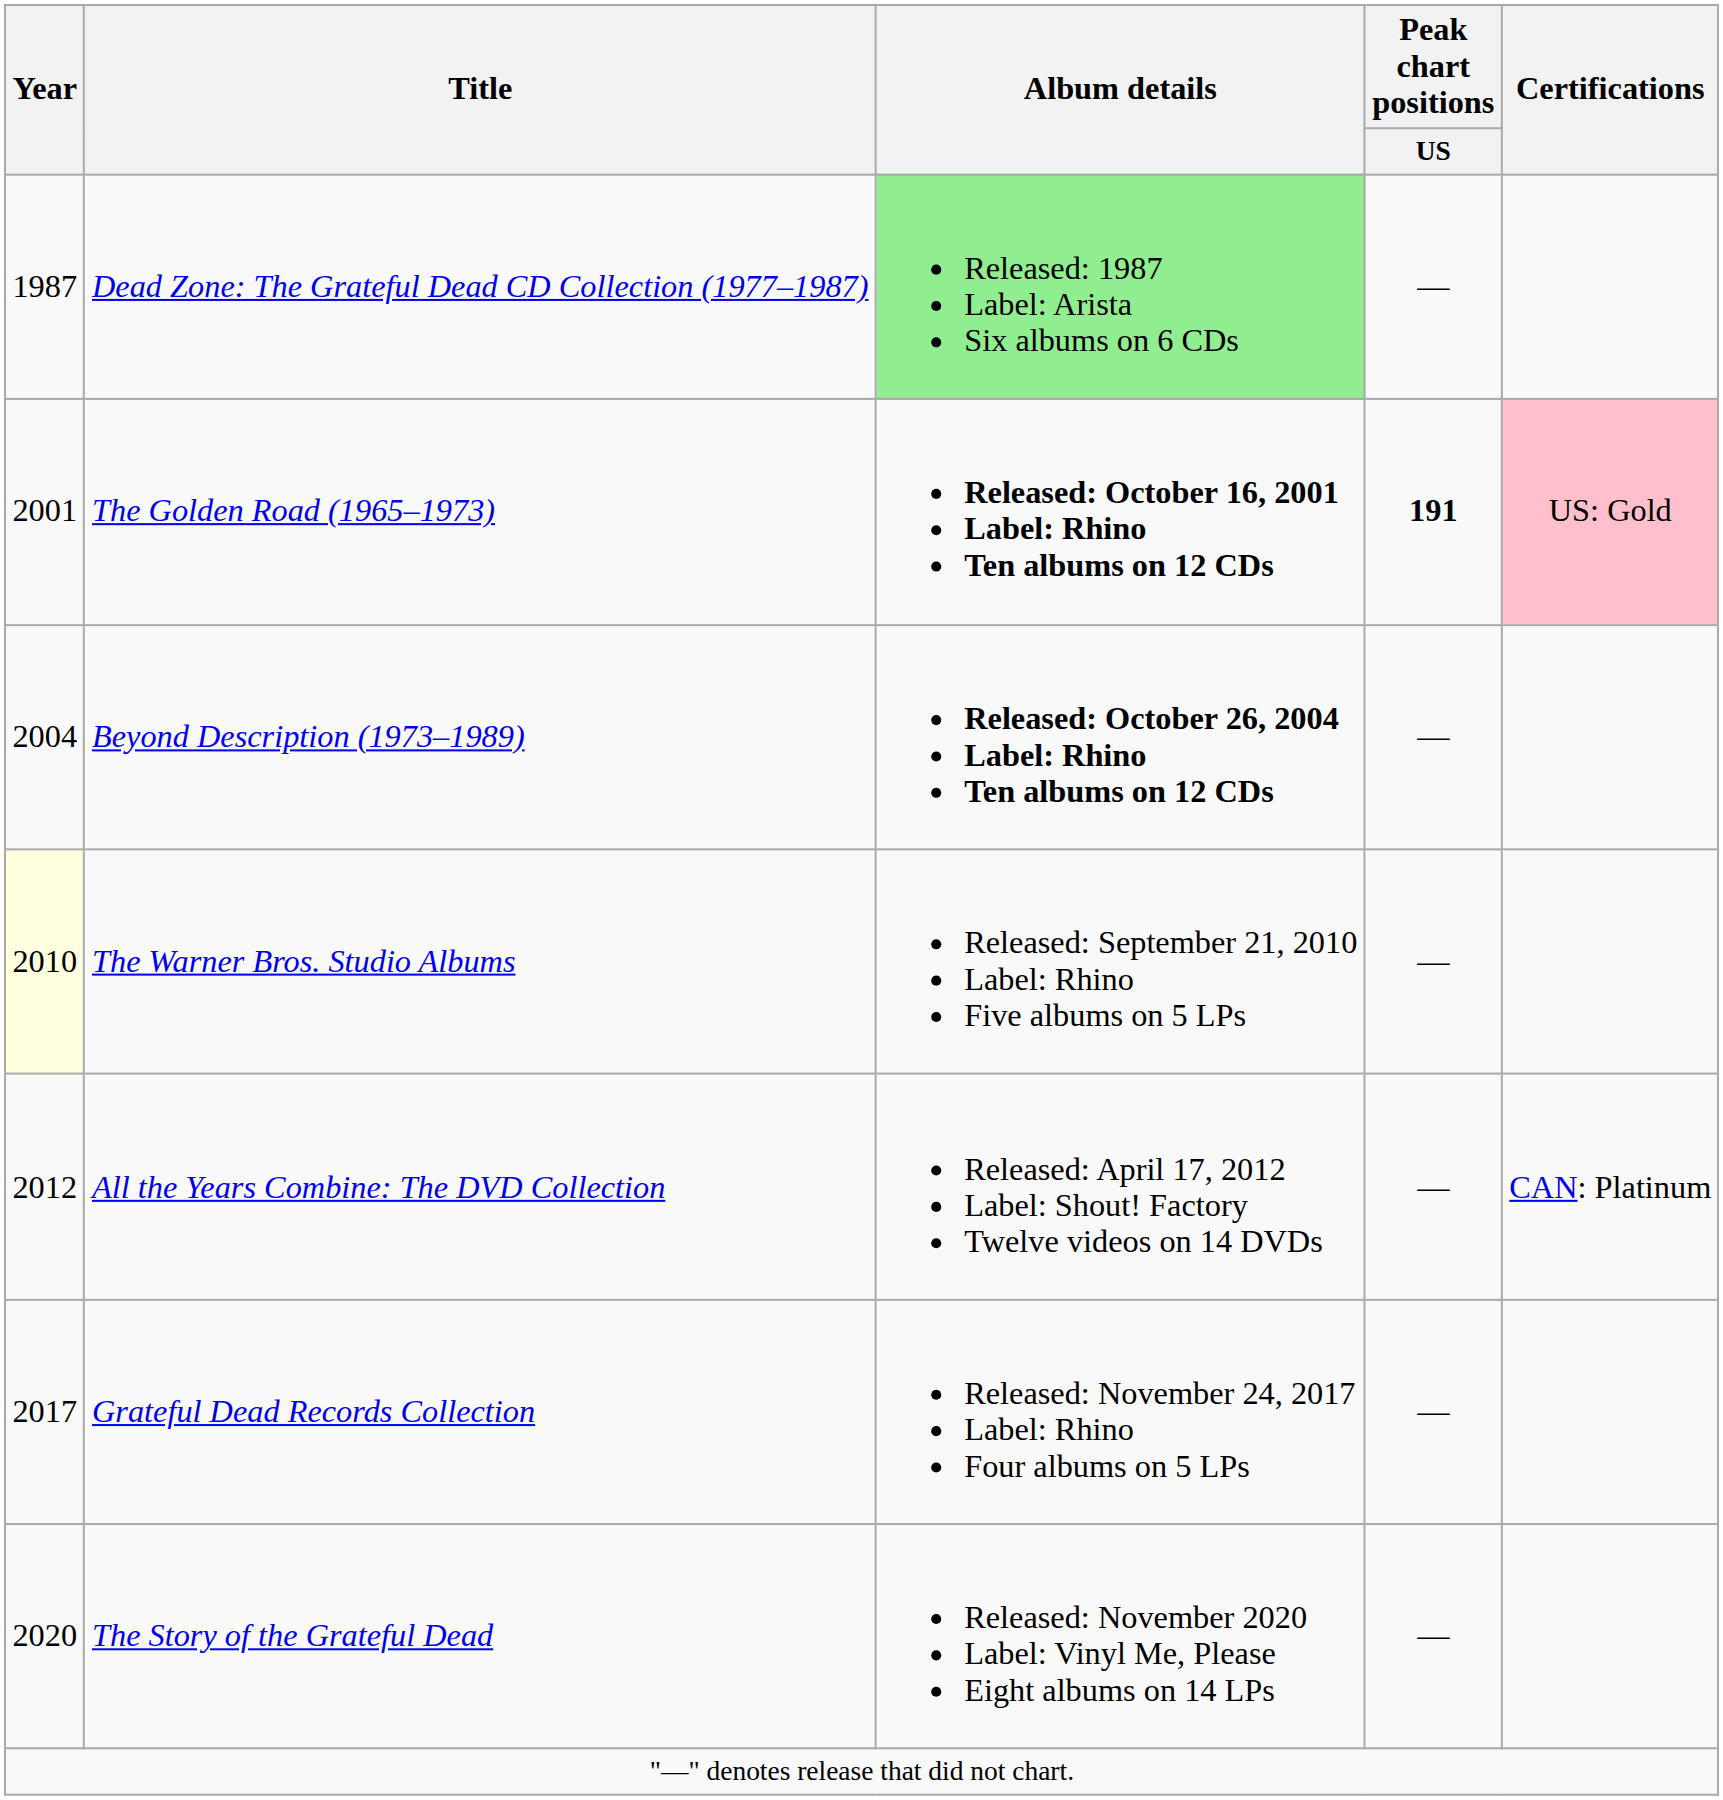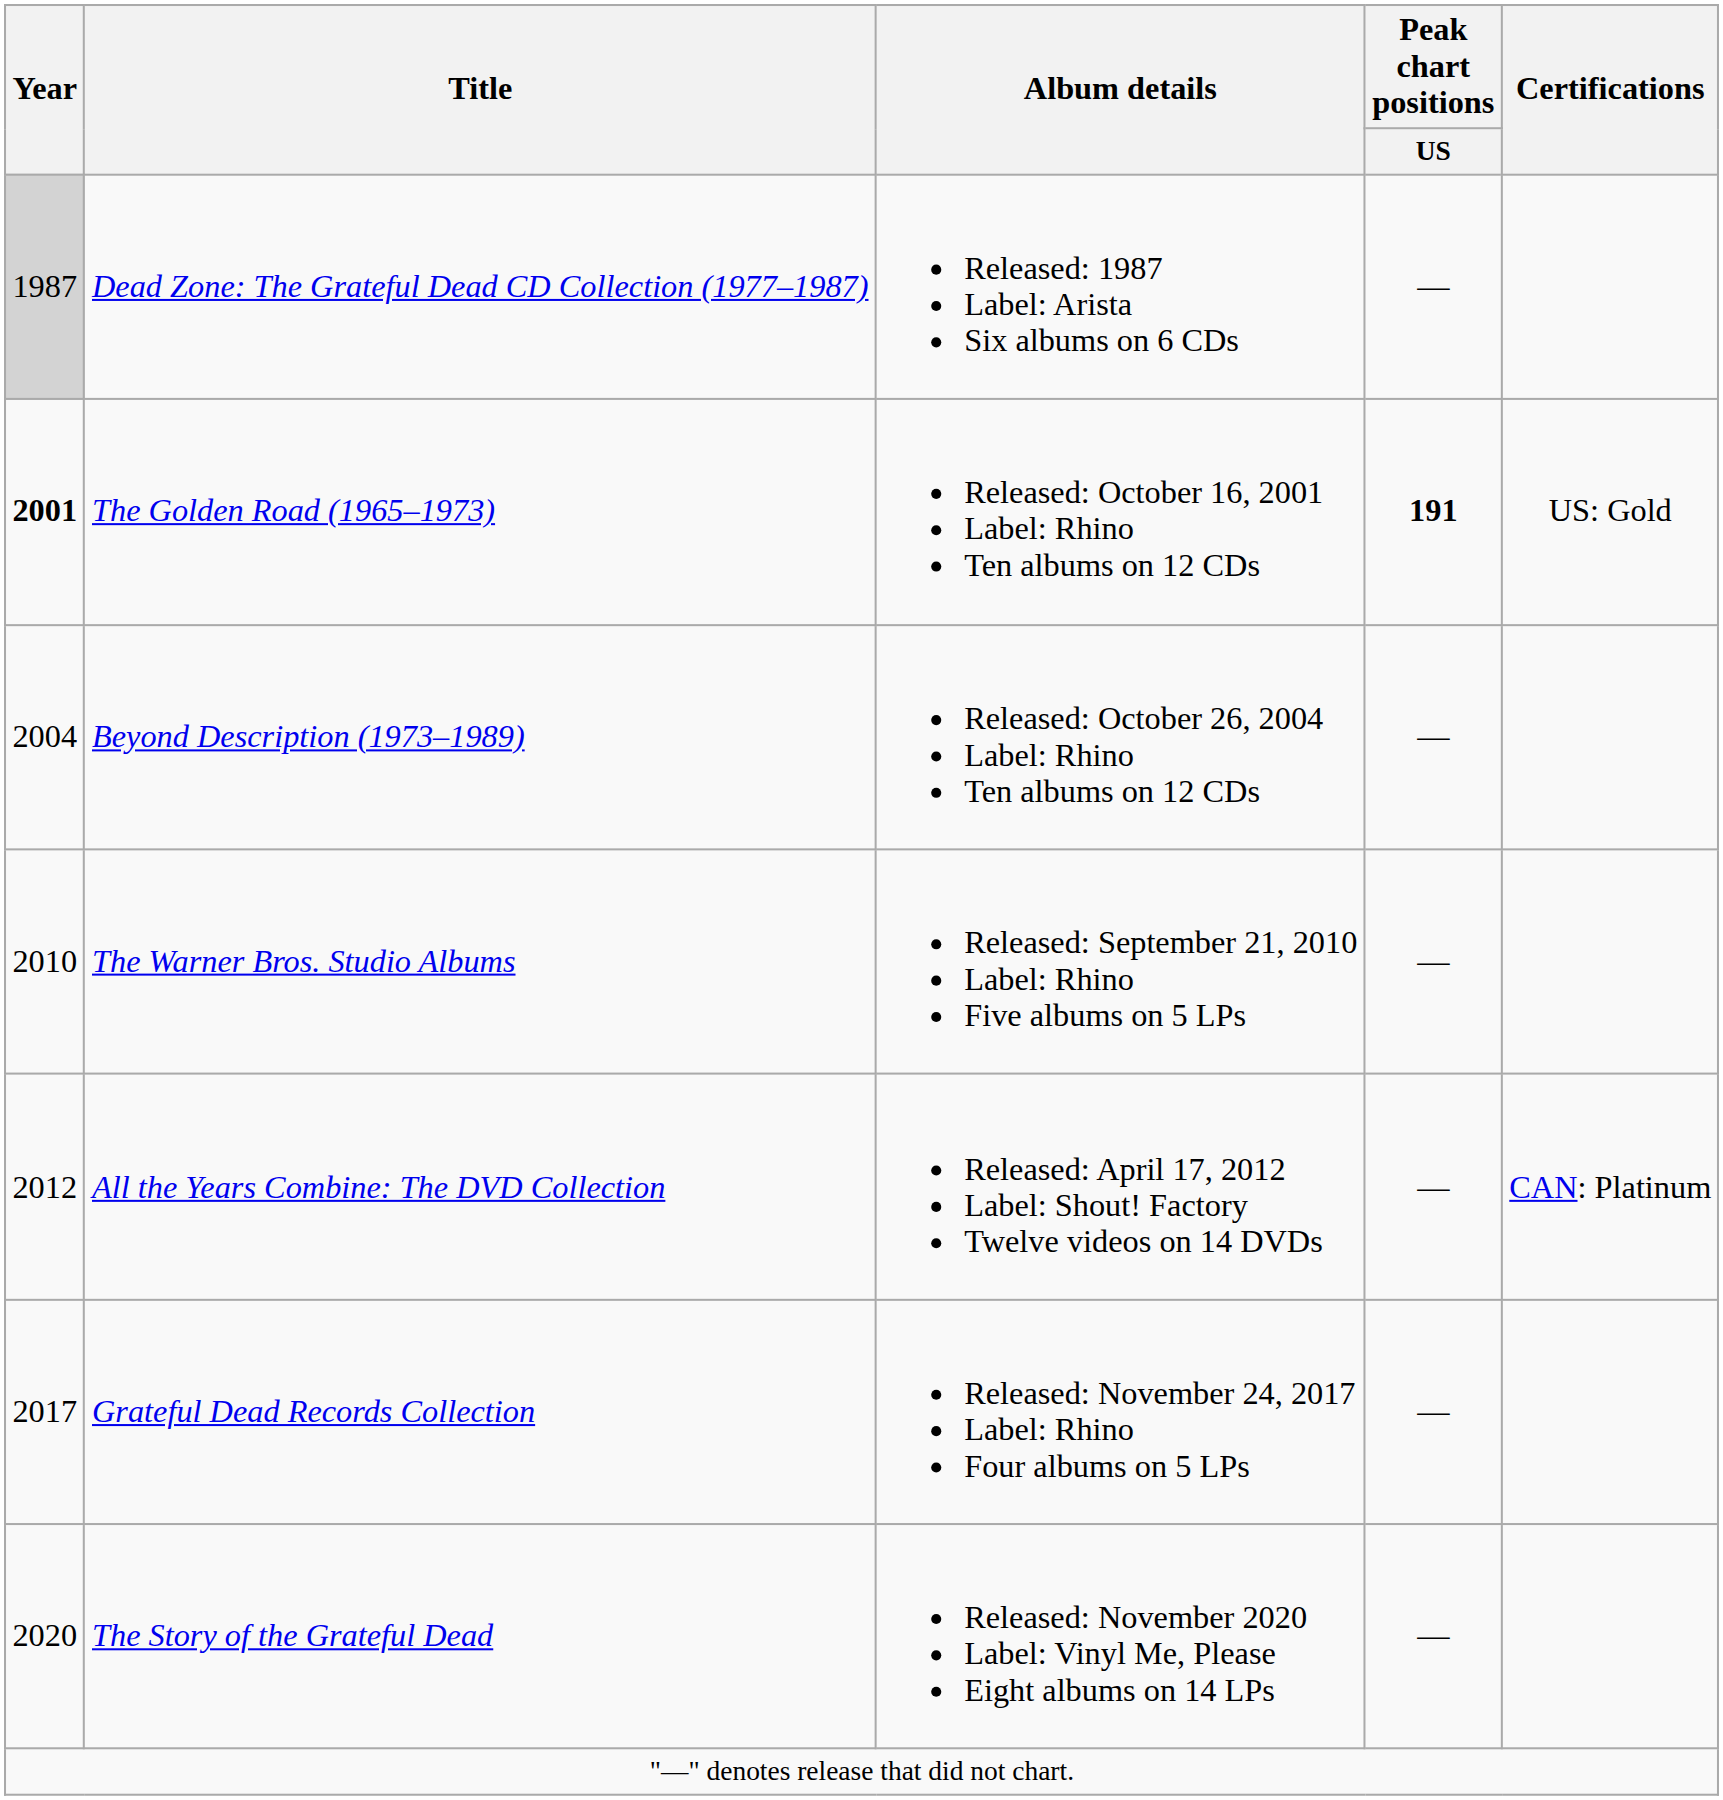 <table class="wikitable">
 <tr>
 <th scope="col" rowspan="2">Year</th>
 <th scope="col" rowspan="2">Title</th>
 <th scope="col" rowspan="2">Album details</th>
 <th scope="col" colspan="1">Peak chart positions</th>
 <th scope="col" rowspan="2">Certifications</th>
 </tr>
 <tr>
 <th scope="col" style="width:3em;font-size:85%">US<br></th>
 </tr>
 <tr>
-<td>1987</td>
+<td style="background: lightgrey;">1987</td>
 <td><em><a href='#'>Dead Zone: The Grateful Dead CD Collection (1977–1987)</a></em></td>
-<td style="background: lightgreen;"><br><ul><li>Released: 1987</li><li>Label: Arista</li><li>Six albums on 6 CDs</li></ul></td>
+<td><br><ul><li>Released: 1987</li><li>Label: Arista</li><li>Six albums on 6 CDs</li></ul></td>
 <td style="text-align:center;">—</td>
 <td></td>
 </tr>
 <tr>
-<td>2001</td>
+<td><strong>2001</strong></td>
 <td><em><a href='#'>The Golden Road (1965–1973)</a></em></td>
-<td><strong><br><ul><li>Released: October 16, 2001</li><li>Label: Rhino</li><li>Ten albums on 12 CDs</li></ul></strong></td>
+<td><br><ul><li>Released: October 16, 2001</li><li>Label: Rhino</li><li>Ten albums on 12 CDs</li></ul></td>
 <td style="text-align:center;"><strong>191</strong></td>
-<td style="background: pink; text-align:center;">US: Gold</td>
+<td style="text-align:center;">US: Gold</td>
 </tr>
 <tr>
 <td>2004</td>
 <td><em><a href='#'>Beyond Description (1973–1989)</a></em></td>
-<td><strong><br><ul><li>Released: October 26, 2004</li><li>Label: Rhino</li><li>Ten albums on 12 CDs</li></ul></strong></td>
+<td><br><ul><li>Released: October 26, 2004</li><li>Label: Rhino</li><li>Ten albums on 12 CDs</li></ul></td>
 <td style="text-align:center;">—</td>
 <td></td>
 </tr>
 <tr>
-<td style="background: lightyellow;">2010</td>
+<td>2010</td>
 <td><em><a href='#'>The Warner Bros. Studio Albums</a></em></td>
 <td><br><ul><li>Released: September 21, 2010</li><li>Label: Rhino</li><li>Five albums on 5 LPs</li></ul></td>
 <td style="text-align:center;">—</td>
 <td></td>
 </tr>
 <tr>
 <td>2012</td>
 <td><em><a href='#'>All the Years Combine: The DVD Collection</a></em></td>
 <td><br><ul><li>Released: April 17, 2012</li><li>Label: Shout! Factory</li><li>Twelve videos on 14 DVDs</li></ul></td>
 <td style="text-align:center;">—</td>
 <td style="text-align:center;"><a href='#'>CAN</a>: Platinum</td>
 </tr>
 <tr>
 <td>2017</td>
 <td><em><a href='#'>Grateful Dead Records Collection</a></em></td>
 <td><br><ul><li>Released: November 24, 2017</li><li>Label: Rhino</li><li>Four albums on 5 LPs</li></ul></td>
 <td style="text-align:center;">—</td>
 <td></td>
 </tr>
 <tr>
 <td>2020</td>
 <td><em><a href='#'>The Story of the Grateful Dead</a></em></td>
 <td><br><ul><li>Released: November 2020</li><li>Label: Vinyl Me, Please</li><li>Eight albums on 14 LPs</li></ul></td>
 <td style="text-align:center;">—</td>
 <td></td>
 </tr>
 <tr>
 <td colspan="5" style="text-align:center; font-size:85%">"—" denotes release that did not chart.</td>
 </tr>
 </table>
